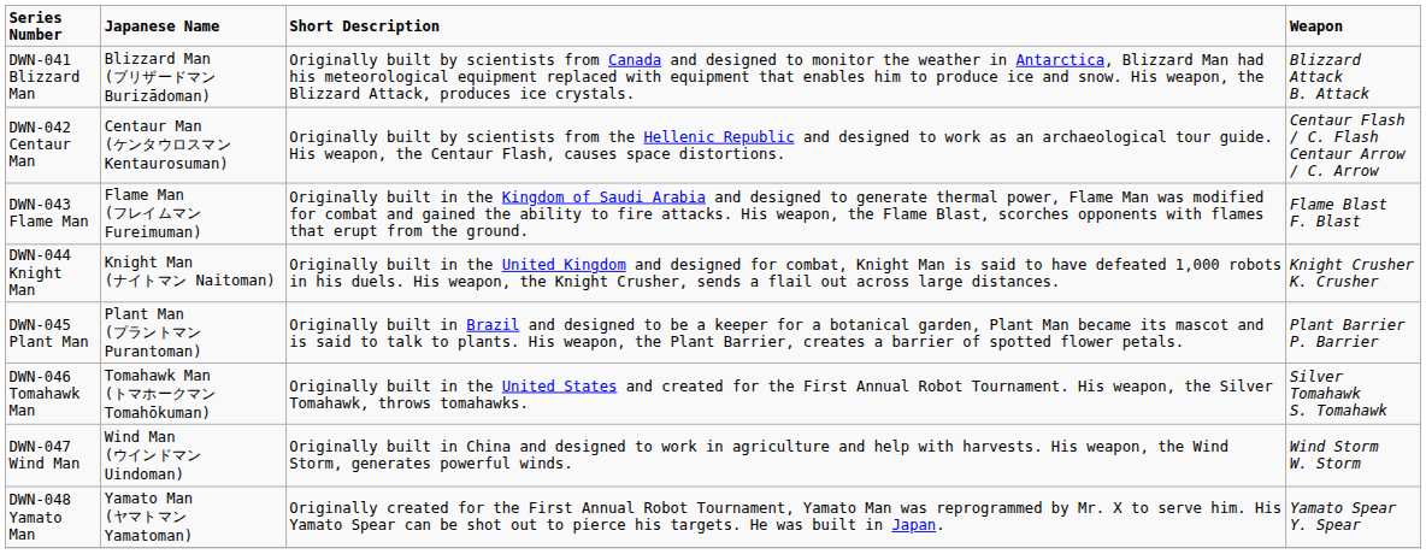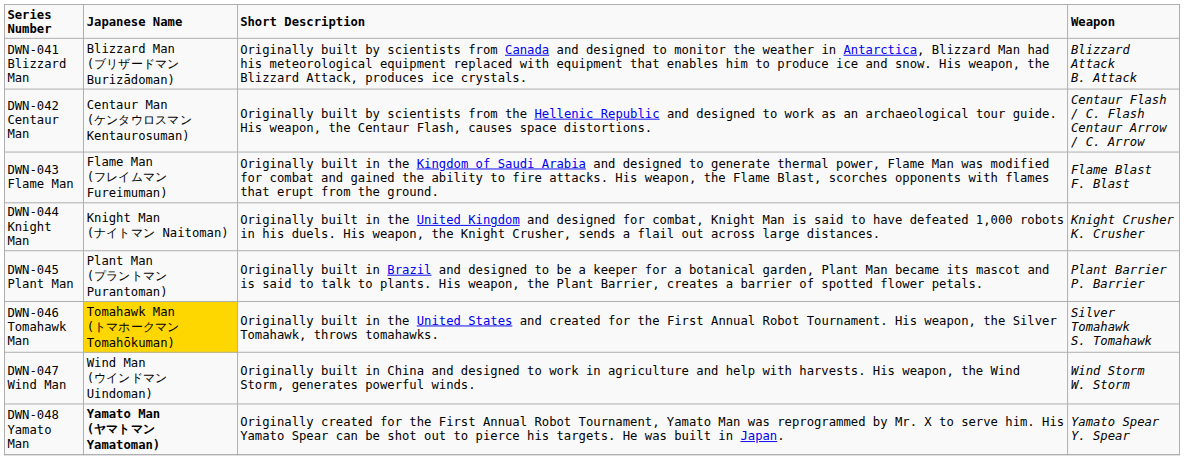 <table class="wikitable">
 <tr>
 <td><strong>Series Number</strong></td>
 <td><strong>Japanese Name</strong></td>
 <td><strong>Short Description</strong></td>
 <td><strong>Weapon</strong></td>
 </tr>
 <tr>
 <td>DWN-041<br>Blizzard Man</td>
 <td>Blizzard Man<br>(ブリザードマン Burizādoman)</td>
 <td>Originally built by scientists from <a href='#'>Canada</a> and designed to monitor the weather in <a href='#'>Antarctica</a>, Blizzard Man had his meteorological equipment replaced with equipment that enables him to produce ice and snow. His weapon, the Blizzard Attack, produces ice crystals.</td>
 <td><em>Blizzard Attack</em><br><em>B. Attack</em></td>
 </tr>
 <tr>
 <td>DWN-042<br>Centaur Man</td>
 <td>Centaur Man<br>(ケンタウロスマン Kentaurosuman)</td>
 <td>Originally built by scientists from the <a href='#'>Hellenic Republic</a> and designed to work as an archaeological tour guide. His weapon, the Centaur Flash, causes space distortions.</td>
 <td><em>Centaur Flash / C. Flash</em><br><em>Centaur Arrow / C. Arrow</em></td>
 </tr>
 <tr>
 <td>DWN-043<br>Flame Man</td>
 <td>Flame Man<br>(フレイムマン Fureimuman)</td>
 <td>Originally built in the <a href='#'>Kingdom of Saudi Arabia</a> and designed to generate thermal power, Flame Man was modified for combat and gained the ability to fire attacks. His weapon, the Flame Blast, scorches opponents with flames that erupt from the ground.</td>
 <td><em>Flame Blast</em><br><em>F. Blast</em></td>
 </tr>
 <tr>
 <td>DWN-044<br>Knight Man</td>
 <td>Knight Man<br>(ナイトマン Naitoman)</td>
 <td>Originally built in the <a href='#'>United Kingdom</a> and designed for combat, Knight Man is said to have defeated 1,000 robots in his duels. His weapon, the Knight Crusher, sends a flail out across large distances.</td>
 <td><em>Knight Crusher</em><br><em>K. Crusher</em></td>
 </tr>
 <tr>
 <td>DWN-045<br>Plant Man</td>
 <td>Plant Man<br>(プラントマン Purantoman)</td>
 <td>Originally built in <a href='#'>Brazil</a> and designed to be a keeper for a botanical garden, Plant Man became its mascot and is said to talk to plants. His weapon, the Plant Barrier, creates a barrier of spotted flower petals.</td>
 <td><em>Plant Barrier</em><br><em>P. Barrier</em></td>
 </tr>
 <tr>
 <td>DWN-046<br>Tomahawk Man</td>
-<td>Tomahawk Man<br>(トマホークマン Tomahōkuman)</td>
+<td style="background: gold;">Tomahawk Man<br>(トマホークマン Tomahōkuman)</td>
 <td>Originally built in the <a href='#'>United States</a> and created for the First Annual Robot Tournament. His weapon, the Silver Tomahawk, throws tomahawks.</td>
 <td><em>Silver Tomahawk</em><br><em>S. Tomahawk</em></td>
 </tr>
 <tr>
 <td>DWN-047<br>Wind Man</td>
 <td>Wind Man<br>(ウインドマン Uindoman)</td>
 <td>Originally built in China and designed to work in agriculture and help with harvests. His weapon, the Wind Storm, generates powerful winds.</td>
 <td><em>Wind Storm</em><br><em>W. Storm</em></td>
 </tr>
 <tr>
 <td>DWN-048<br>Yamato Man</td>
-<td>Yamato Man<br>(ヤマトマン Yamatoman)</td>
+<td><strong>Yamato Man<br>(ヤマトマン Yamatoman)</strong></td>
 <td>Originally created for the First Annual Robot Tournament, Yamato Man was reprogrammed by Mr. X to serve him. His Yamato Spear can be shot out to pierce his targets. He was built in <a href='#'>Japan</a>.</td>
 <td><em>Yamato Spear</em><br><em>Y. Spear</em></td>
 </tr>
 <tr>
 </tr>
 </table>
